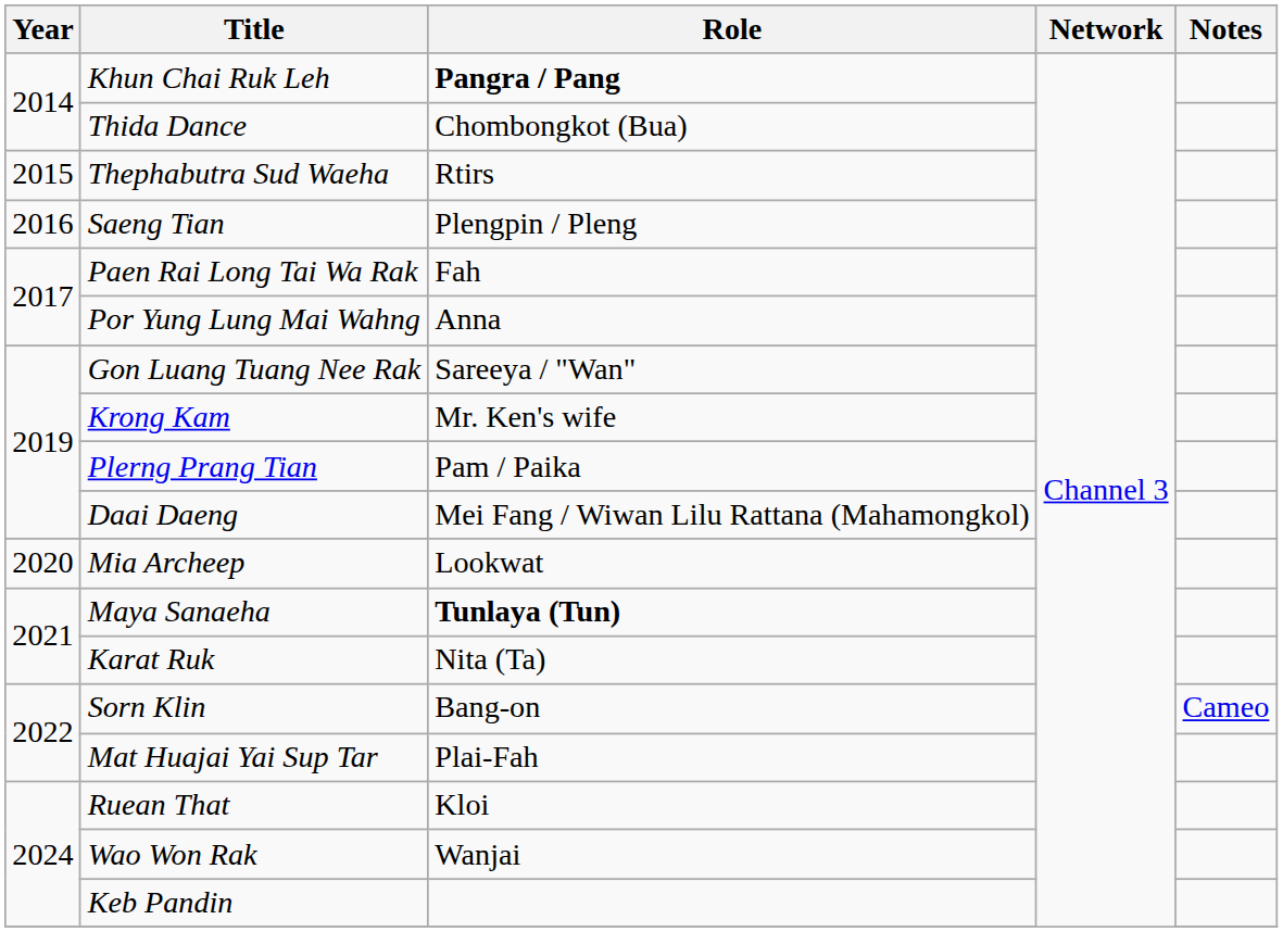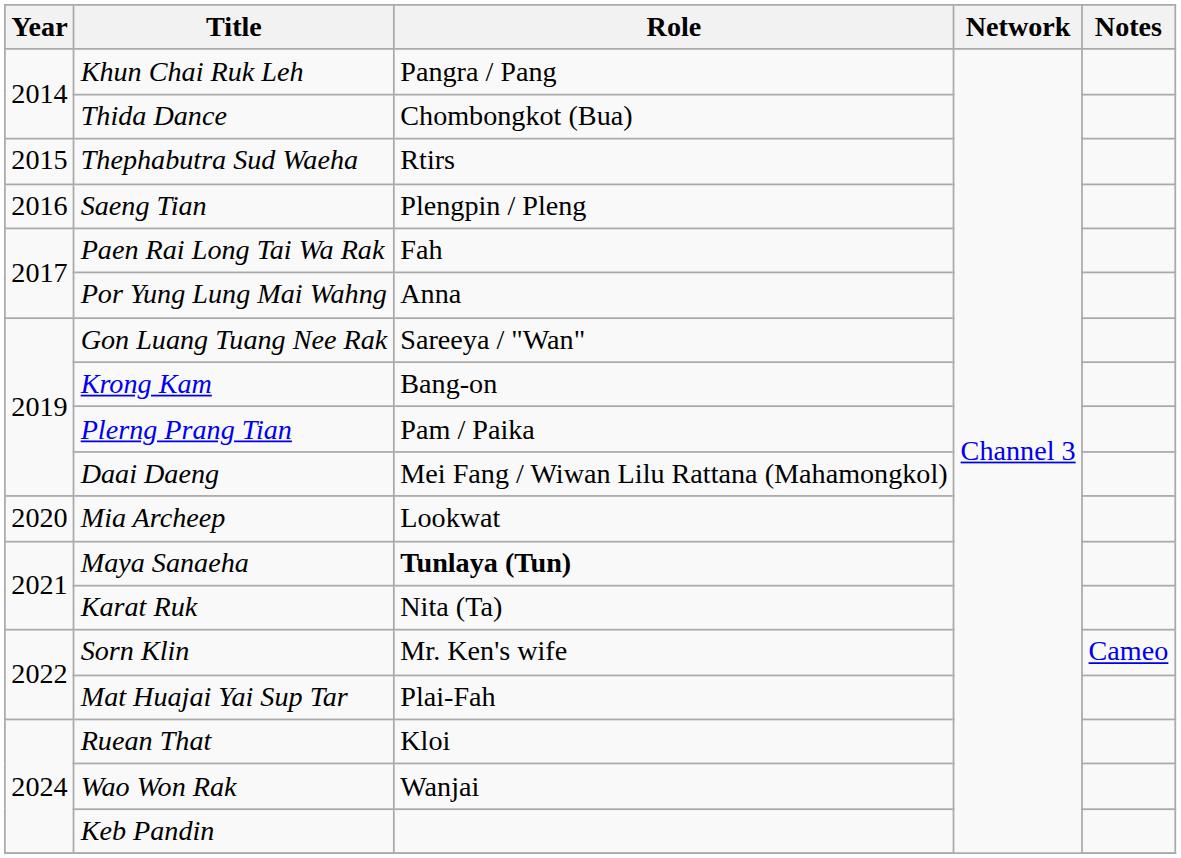 <table class="wikitable sortable">
 <tr>
 <th>Year</th>
 <th>Title</th>
 <th>Role</th>
 <th>Network</th>
 <th class="unsortable">Notes</th>
 </tr>
 <tr>
 <td rowspan="2">2014</td>
 <td><em>Khun Chai Ruk Leh  </em></td>
-<td><strong>Pangra / Pang</strong></td>
+<td>Pangra / Pang</td>
 <td rowspan="21"><a href='#'>Channel 3</a></td>
 <td></td>
 </tr>
 <tr>
 <td><em> Thida Dance  </em></td>
 <td>Chombongkot (Bua)</td>
 <td></td>
 </tr>
 <tr>
 <td rowspan="1">2015</td>
 <td><em> Thephabutra Sud Waeha </em></td>
 <td>Rtirs</td>
 <td></td>
 </tr>
 <tr>
 <td rowspan="1">2016</td>
 <td><em> Saeng Tian </em></td>
 <td>Plengpin / Pleng</td>
 <td></td>
 </tr>
 <tr>
 <td rowspan="2">2017</td>
 <td><em> Paen Rai Long Tai Wa Rak </em></td>
 <td>Fah</td>
 <td></td>
 </tr>
 <tr>
 <td><em>Por Yung Lung Mai Wahng </em></td>
 <td>Anna</td>
 <td></td>
 </tr>
 <tr>
 <td rowspan="4">2019</td>
 <td><em> Gon Luang Tuang Nee Rak</em></td>
 <td>Sareeya / "Wan"</td>
 <td></td>
 </tr>
 <tr>
 <td><em><a href='#'>Krong Kam</a>  </em></td>
-<td>Mr. Ken's wife</td>
+<td>Bang-on</td>
 <td></td>
 </tr>
 <tr>
 <td><em><a href='#'>Plerng Prang Tian</a></em></td>
 <td>Pam / Paika</td>
 <td></td>
 </tr>
 <tr>
 <td><em> Daai Daeng  </em></td>
 <td>Mei Fang / Wiwan Lilu Rattana (Mahamongkol)</td>
 <td></td>
 </tr>
 <tr>
 <td rowspan="1">2020</td>
 <td><em>Mia Archeep </em></td>
 <td>Lookwat</td>
 <td></td>
 </tr>
 <tr>
 <td rowspan="2">2021</td>
 <td><em>Maya Sanaeha</em></td>
 <td><strong>Tunlaya (Tun)</strong></td>
 <td></td>
 </tr>
 <tr>
 <td><em> Karat Ruk </em></td>
 <td>Nita (Ta)</td>
 <td></td>
 </tr>
 <tr>
 <td rowspan="2">2022</td>
 <td><em> Sorn Klin </em></td>
-<td>Bang-on</td>
+<td>Mr. Ken's wife</td>
 <td><a href='#'>Cameo</a></td>
 </tr>
 <tr>
 <td><em> Mat Huajai Yai Sup Tar </em></td>
 <td>Plai-Fah</td>
 <td></td>
 </tr>
 <tr>
 <td rowspan="3">2024</td>
 <td><em>Ruean That</em></td>
 <td>Kloi</td>
 <td></td>
 </tr>
 <tr>
 <td><em>Wao Won Rak</em></td>
 <td>Wanjai</td>
 <td></td>
 </tr>
 <tr>
 <td><em>  Keb Pandin </em></td>
 <td></td>
 <td></td>
 </tr>
 <tr>
 </tr>
 </table>
